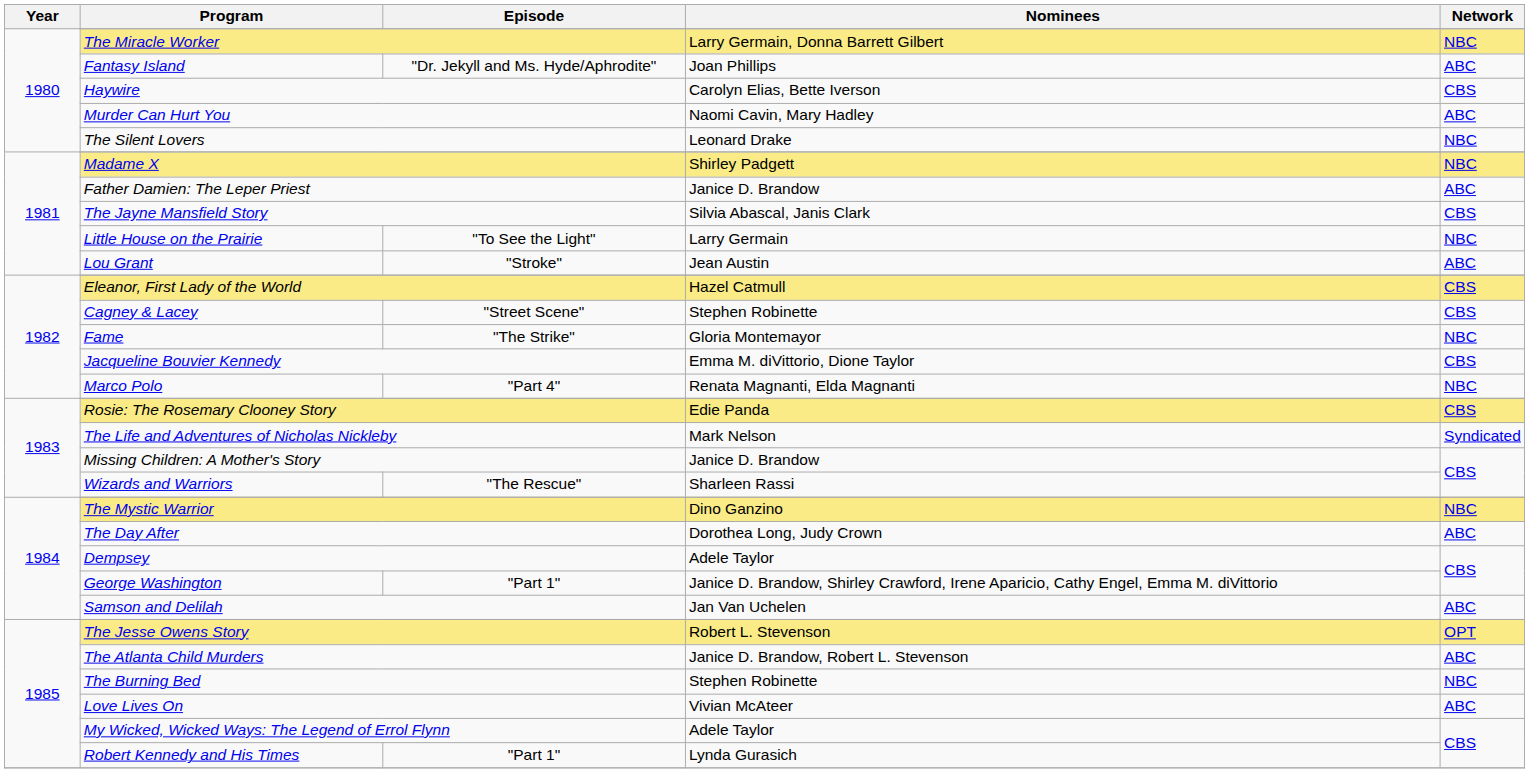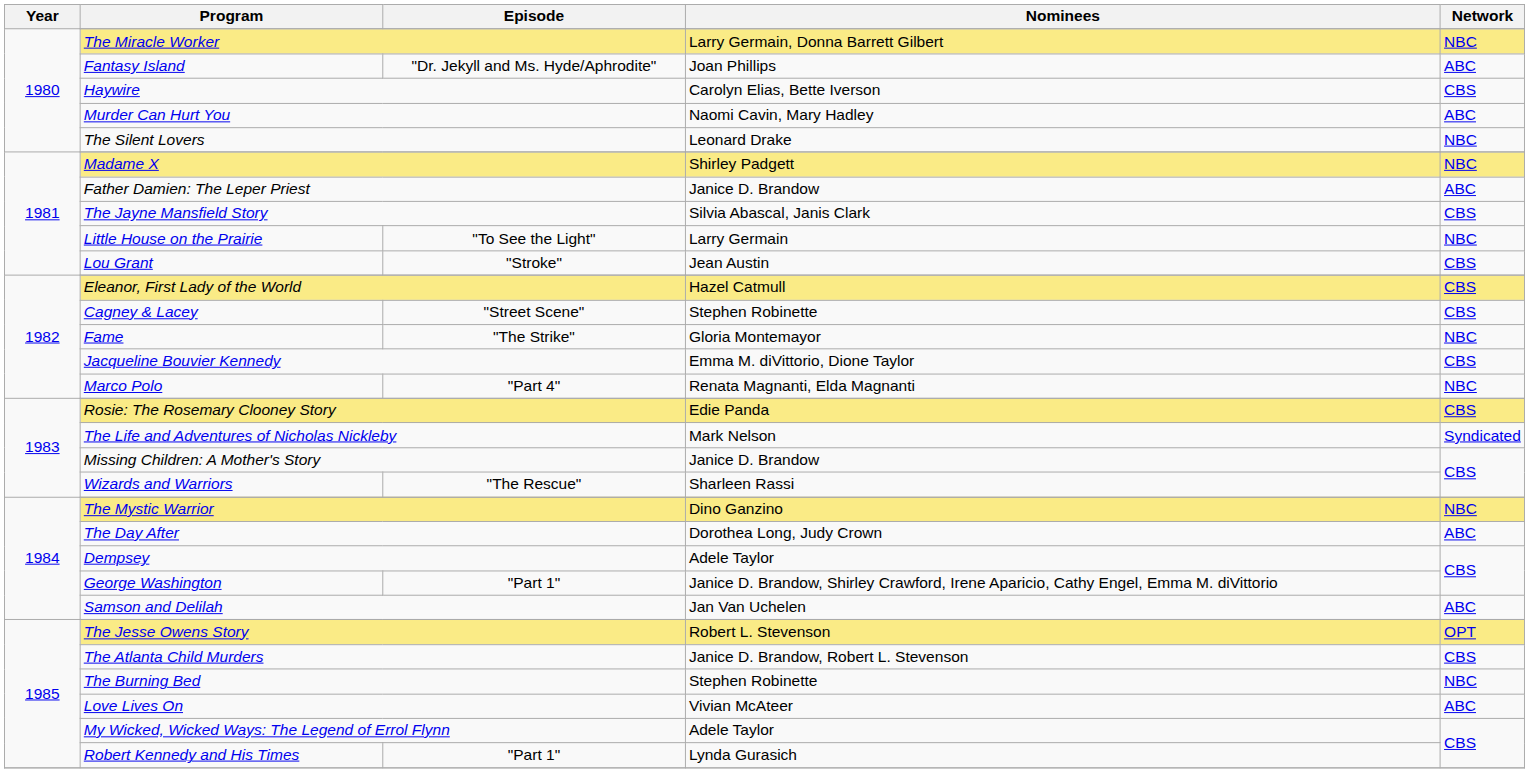 <table class="wikitable">
 <tr>
 <th width="5%">Year</th>
 <th width="20%">Program</th>
 <th width="20%">Episode</th>
 <th width="50%">Nominees</th>
 <th width="5%">Network</th>
 </tr>
 <tr>
 <td rowspan="6" style="text-align:center;"><a href='#'>1980</a><br></td>
 </tr>
 <tr style="background:#FAEB86;">
 <td colspan=2><em><a href='#'>The Miracle Worker</a></em></td>
 <td>Larry Germain, Donna Barrett Gilbert</td>
 <td><a href='#'>NBC</a></td>
 </tr>
 <tr>
 <td><em><a href='#'>Fantasy Island</a></em></td>
 <td align=center>"Dr. Jekyll and Ms. Hyde/Aphrodite"</td>
 <td>Joan Phillips</td>
 <td><a href='#'>ABC</a></td>
 </tr>
 <tr>
 <td colspan=2><em><a href='#'>Haywire</a> </em></td>
 <td>Carolyn Elias, Bette Iverson</td>
 <td><a href='#'>CBS</a></td>
 </tr>
 <tr>
 <td colspan=2><em><a href='#'>Murder Can Hurt You</a> </em></td>
 <td>Naomi Cavin, Mary Hadley</td>
 <td><a href='#'>ABC</a></td>
 </tr>
 <tr>
 <td colspan=2><em>The Silent Lovers</em></td>
 <td>Leonard Drake</td>
 <td><a href='#'>NBC</a></td>
 </tr>
 <tr>
 <td rowspan="6" style="text-align:center;"><a href='#'>1981</a><br></td>
 </tr>
 <tr style="background:#FAEB86;">
 <td colspan=2><em><a href='#'>Madame X</a></em></td>
 <td>Shirley Padgett</td>
 <td><a href='#'>NBC</a></td>
 </tr>
 <tr>
 <td colspan=2><em>Father Damien: The Leper Priest </em></td>
 <td>Janice D. Brandow</td>
 <td><a href='#'>ABC</a></td>
 </tr>
 <tr>
 <td colspan=2><em><a href='#'>The Jayne Mansfield Story</a> </em></td>
 <td>Silvia Abascal, Janis Clark</td>
 <td><a href='#'>CBS</a></td>
 </tr>
 <tr>
 <td><em><a href='#'>Little House on the Prairie</a></em></td>
 <td align=center>"To See the Light"</td>
 <td>Larry Germain</td>
 <td><a href='#'>NBC</a></td>
 </tr>
 <tr>
 <td><em><a href='#'>Lou Grant</a></em></td>
 <td align=center>"Stroke"</td>
 <td>Jean Austin</td>
-<td><a href='#'>ABC</a></td>
+<td><a href='#'>CBS</a></td>
 </tr>
 <tr>
 <td rowspan="6" style="text-align:center;"><a href='#'>1982</a><br></td>
 </tr>
 <tr style="background:#FAEB86;">
 <td colspan=2><em>Eleanor, First Lady of the World</em></td>
 <td>Hazel Catmull</td>
 <td><a href='#'>CBS</a></td>
 </tr>
 <tr>
 <td><em><a href='#'>Cagney & Lacey</a></em></td>
 <td align=center>"Street Scene"</td>
 <td>Stephen Robinette</td>
 <td><a href='#'>CBS</a></td>
 </tr>
 <tr>
 <td><em><a href='#'>Fame</a></em></td>
 <td align=center>"The Strike"</td>
 <td>Gloria Montemayor</td>
 <td><a href='#'>NBC</a></td>
 </tr>
 <tr>
 <td colspan=2><em><a href='#'>Jacqueline Bouvier Kennedy</a> </em></td>
 <td>Emma M. diVittorio, Dione Taylor</td>
 <td><a href='#'>CBS</a></td>
 </tr>
 <tr>
 <td><em><a href='#'>Marco Polo</a></em></td>
 <td align=center>"Part 4"</td>
 <td>Renata Magnanti, Elda Magnanti</td>
 <td><a href='#'>NBC</a></td>
 </tr>
 <tr>
 <td rowspan="5" style="text-align:center;"><a href='#'>1983</a><br></td>
 </tr>
 <tr style="background:#FAEB86;">
 <td colspan=2><em>Rosie: The Rosemary Clooney Story</em></td>
 <td>Edie Panda</td>
 <td><a href='#'>CBS</a></td>
 </tr>
 <tr>
 <td colspan=2><em><a href='#'>The Life and Adventures of Nicholas Nickleby</a> </em></td>
 <td>Mark Nelson</td>
 <td><a href='#'>Syndicated</a></td>
 </tr>
 <tr>
 <td colspan=2><em>Missing Children: A Mother's Story</em></td>
 <td>Janice D. Brandow</td>
 <td rowspan=2><a href='#'>CBS</a></td>
 </tr>
 <tr>
 <td><em><a href='#'>Wizards and Warriors</a> </em></td>
 <td align=center>"The Rescue"</td>
 <td>Sharleen Rassi</td>
 </tr>
 <tr>
 <td rowspan="6" style="text-align:center;"><a href='#'>1984</a><br></td>
 </tr>
 <tr style="background:#FAEB86;">
 <td colspan=2><em><a href='#'>The Mystic Warrior</a></em></td>
 <td>Dino Ganzino</td>
 <td><a href='#'>NBC</a></td>
 </tr>
 <tr>
 <td colspan=2><em><a href='#'>The Day After</a> </em></td>
 <td>Dorothea Long, Judy Crown</td>
 <td><a href='#'>ABC</a></td>
 </tr>
 <tr>
 <td colspan=2><em><a href='#'>Dempsey</a> </em></td>
 <td>Adele Taylor</td>
 <td rowspan=2><a href='#'>CBS</a></td>
 </tr>
 <tr>
 <td><em><a href='#'>George Washington</a> </em></td>
 <td align=center>"Part 1"</td>
 <td>Janice D. Brandow, Shirley Crawford, Irene Aparicio, Cathy Engel, Emma M. diVittorio</td>
 </tr>
 <tr>
 <td colspan=2><em><a href='#'>Samson and Delilah</a> </em></td>
 <td>Jan Van Uchelen</td>
 <td><a href='#'>ABC</a></td>
 </tr>
 <tr>
 <td rowspan="7" style="text-align:center;"><a href='#'>1985</a><br></td>
 </tr>
 <tr style="background:#FAEB86;">
 <td colspan=2><em><a href='#'>The Jesse Owens Story</a></em></td>
 <td>Robert L. Stevenson</td>
 <td><a href='#'>OPT</a></td>
 </tr>
 <tr>
 <td colspan=2><em><a href='#'>The Atlanta Child Murders</a> </em></td>
 <td>Janice D. Brandow, Robert L. Stevenson</td>
-<td><a href='#'>ABC</a></td>
+<td><a href='#'>CBS</a></td>
 </tr>
 <tr>
 <td colspan=2><em><a href='#'>The Burning Bed</a> </em></td>
 <td>Stephen Robinette</td>
 <td><a href='#'>NBC</a></td>
 </tr>
 <tr>
 <td colspan=2><em><a href='#'>Love Lives On</a> </em></td>
 <td>Vivian McAteer</td>
 <td><a href='#'>ABC</a></td>
 </tr>
 <tr>
 <td colspan=2><em><a href='#'>My Wicked, Wicked Ways: The Legend of Errol Flynn</a> </em></td>
 <td>Adele Taylor</td>
 <td rowspan=2><a href='#'>CBS</a></td>
 </tr>
 <tr>
 <td><em><a href='#'>Robert Kennedy and His Times</a> </em></td>
 <td align=center>"Part 1"</td>
 <td>Lynda Gurasich</td>
 </tr>
 <tr>
 </tr>
 </table>
